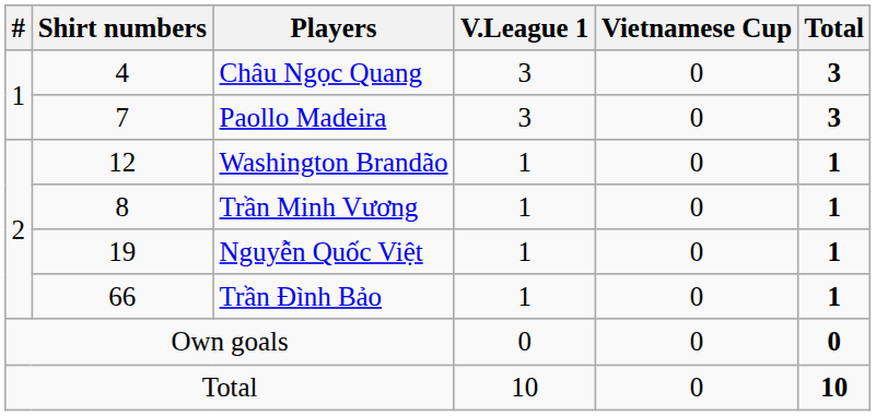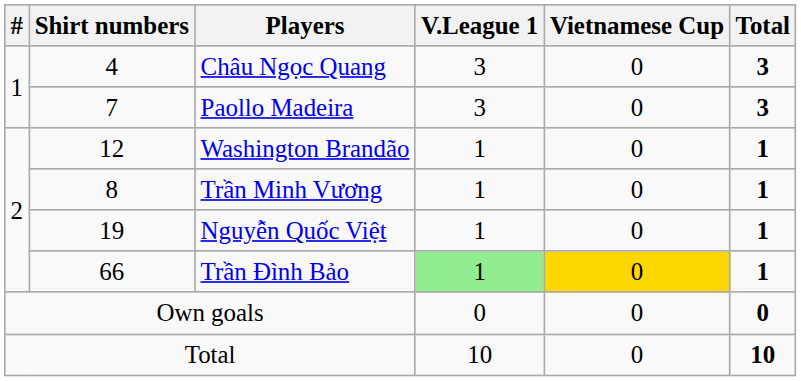 <table class="wikitable sortable" style="font-size: 95%; text-align: center;">
 <tr>
 <th>#</th>
 <th>Shirt numbers</th>
 <th>Players</th>
 <th>V.League 1</th>
 <th>Vietnamese Cup</th>
 <th>Total</th>
 </tr>
 <tr>
 <td rowspan="2">1</td>
 <td>4</td>
 <td align="left"> <a href='#'>Châu Ngọc Quang</a></td>
 <td>3</td>
 <td>0</td>
 <td><strong>3</strong></td>
 </tr>
 <tr>
 <td>7</td>
 <td align="left"> <a href='#'>Paollo Madeira</a></td>
 <td>3</td>
 <td>0</td>
 <td><strong>3</strong></td>
 </tr>
 <tr>
 <td rowspan="4">2</td>
 <td>12</td>
 <td align="left"> <a href='#'>Washington Brandão</a></td>
 <td>1</td>
 <td>0</td>
 <td><strong>1</strong></td>
 </tr>
 <tr>
 <td>8</td>
 <td align="left"> <a href='#'>Trần Minh Vương</a></td>
 <td>1</td>
 <td>0</td>
 <td><strong>1</strong></td>
 </tr>
 <tr>
 <td>19</td>
 <td align="left"> <a href='#'>Nguyễn Quốc Việt</a></td>
 <td>1</td>
 <td>0</td>
 <td><strong>1</strong></td>
 </tr>
 <tr>
 <td>66</td>
 <td align="left"> <a href='#'>Trần Đình Bảo</a></td>
-<td>1</td>
-<td>0</td>
+<td style="background: lightgreen;">1</td>
+<td style="background: gold;">0</td>
 <td><strong>1</strong></td>
 </tr>
 <tr>
 <td colspan="3">Own goals</td>
 <td>0</td>
 <td>0</td>
 <td><strong>0</strong></td>
 </tr>
 <tr>
 <td colspan="3">Total</td>
 <td>10</td>
 <td>0</td>
 <td><strong>10</strong></td>
 </tr>
 </table>
